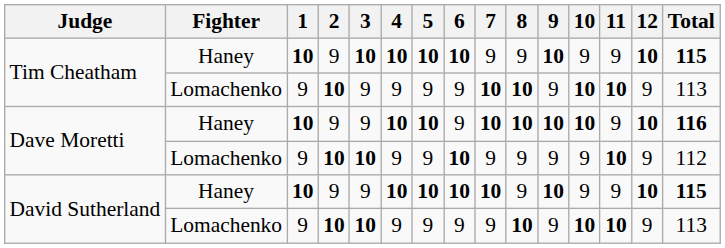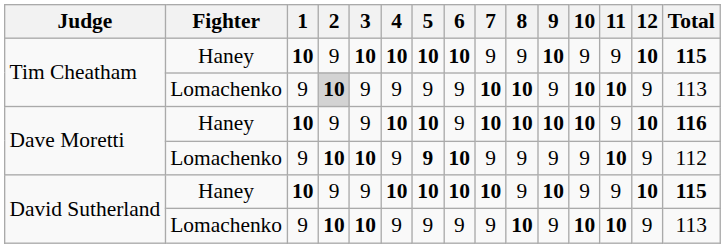 <table class="wikitable" style="text-align:center">
 <tr>
 <th align="left">Judge</th>
 <th>Fighter</th>
 <th> 1 </th>
 <th> 2 </th>
 <th> 3 </th>
 <th> 4 </th>
 <th> 5 </th>
 <th> 6 </th>
 <th> 7 </th>
 <th> 8 </th>
 <th> 9 </th>
 <th>10</th>
 <th>11</th>
 <th>12</th>
 <th>Total</th>
 </tr>
 <tr>
 <td rowspan="2" style="text-align:left;">Tim Cheatham</td>
 <td>Haney</td>
 <td><strong>10</strong></td>
 <td>9</td>
 <td><strong>10</strong></td>
 <td><strong>10</strong></td>
 <td><strong>10</strong></td>
 <td><strong>10</strong></td>
 <td>9</td>
 <td>9</td>
 <td><strong>10</strong></td>
 <td>9</td>
 <td>9</td>
 <td><strong>10</strong></td>
 <td><strong>115</strong></td>
 </tr>
 <tr>
 <td>Lomachenko</td>
 <td>9</td>
-<td><strong>10</strong></td>
+<td style="background: lightgrey;"><strong>10</strong></td>
 <td>9</td>
 <td>9</td>
 <td>9</td>
 <td>9</td>
 <td><strong>10</strong></td>
 <td><strong>10</strong></td>
 <td>9</td>
 <td><strong>10</strong></td>
 <td><strong>10</strong></td>
 <td>9</td>
 <td>113</td>
 </tr>
 <tr>
 <td rowspan="2" style="text-align:left;">Dave Moretti</td>
 <td>Haney</td>
 <td><strong>10</strong></td>
 <td>9</td>
 <td>9</td>
 <td><strong>10</strong></td>
 <td><strong>10</strong></td>
 <td>9</td>
 <td><strong>10</strong></td>
 <td><strong>10</strong></td>
 <td><strong>10</strong></td>
 <td><strong>10</strong></td>
 <td>9</td>
 <td><strong>10</strong></td>
 <td><strong>116</strong></td>
 </tr>
 <tr>
 <td>Lomachenko</td>
 <td>9</td>
 <td><strong>10</strong></td>
 <td><strong>10</strong></td>
 <td>9</td>
-<td>9</td>
+<td><strong>9</strong></td>
 <td><strong>10</strong></td>
 <td>9</td>
 <td>9</td>
 <td>9</td>
 <td>9</td>
 <td><strong>10</strong></td>
 <td>9</td>
 <td>112</td>
 </tr>
 <tr>
 <td rowspan="2" style="text-align:left;">David Sutherland</td>
 <td>Haney</td>
 <td><strong>10</strong></td>
 <td>9</td>
 <td>9</td>
 <td><strong>10</strong></td>
 <td><strong>10</strong></td>
 <td><strong>10</strong></td>
 <td><strong>10</strong></td>
 <td 9>9</td>
 <td><strong>10</strong></td>
 <td>9</td>
 <td>9</td>
 <td><strong>10</strong></td>
 <td><strong>115</strong></td>
 </tr>
 <tr>
 <td>Lomachenko</td>
 <td>9</td>
 <td><strong>10</strong></td>
 <td><strong>10</strong></td>
 <td>9</td>
 <td>9</td>
 <td>9</td>
 <td>9</td>
 <td><strong>10</strong></td>
 <td>9</td>
 <td><strong>10</strong></td>
 <td><strong>10</strong></td>
 <td>9</td>
 <td>113</td>
 </tr>
 </table>
